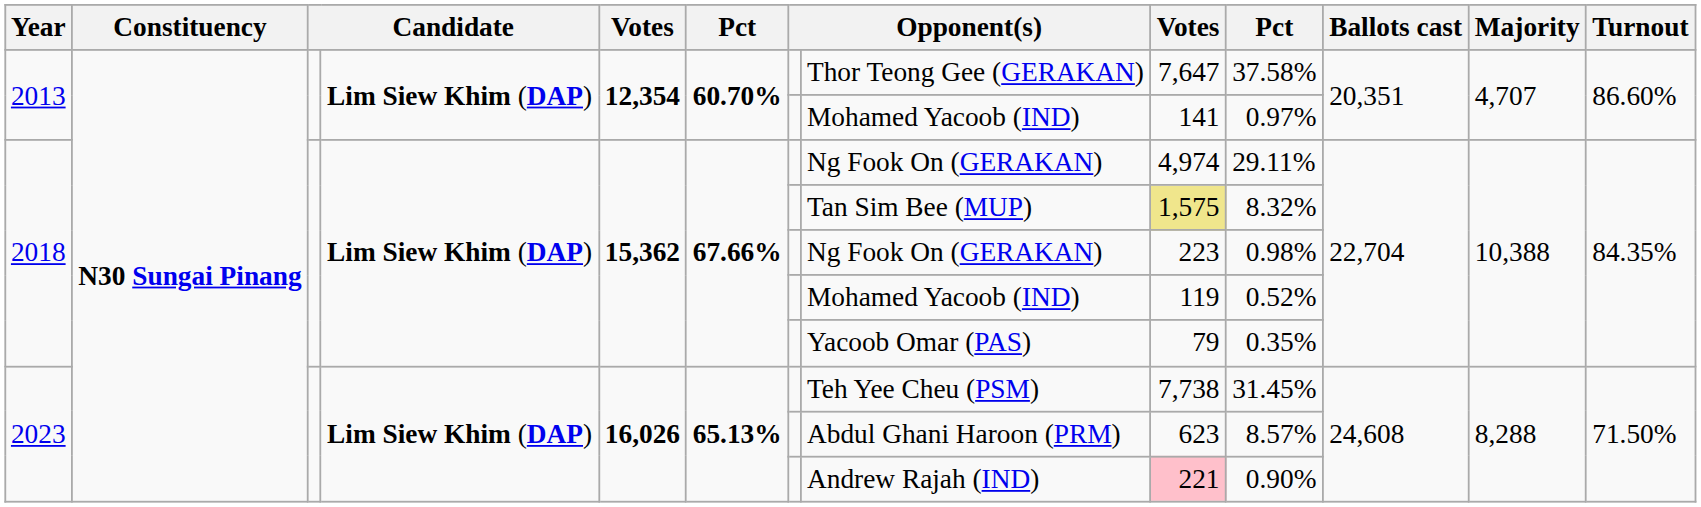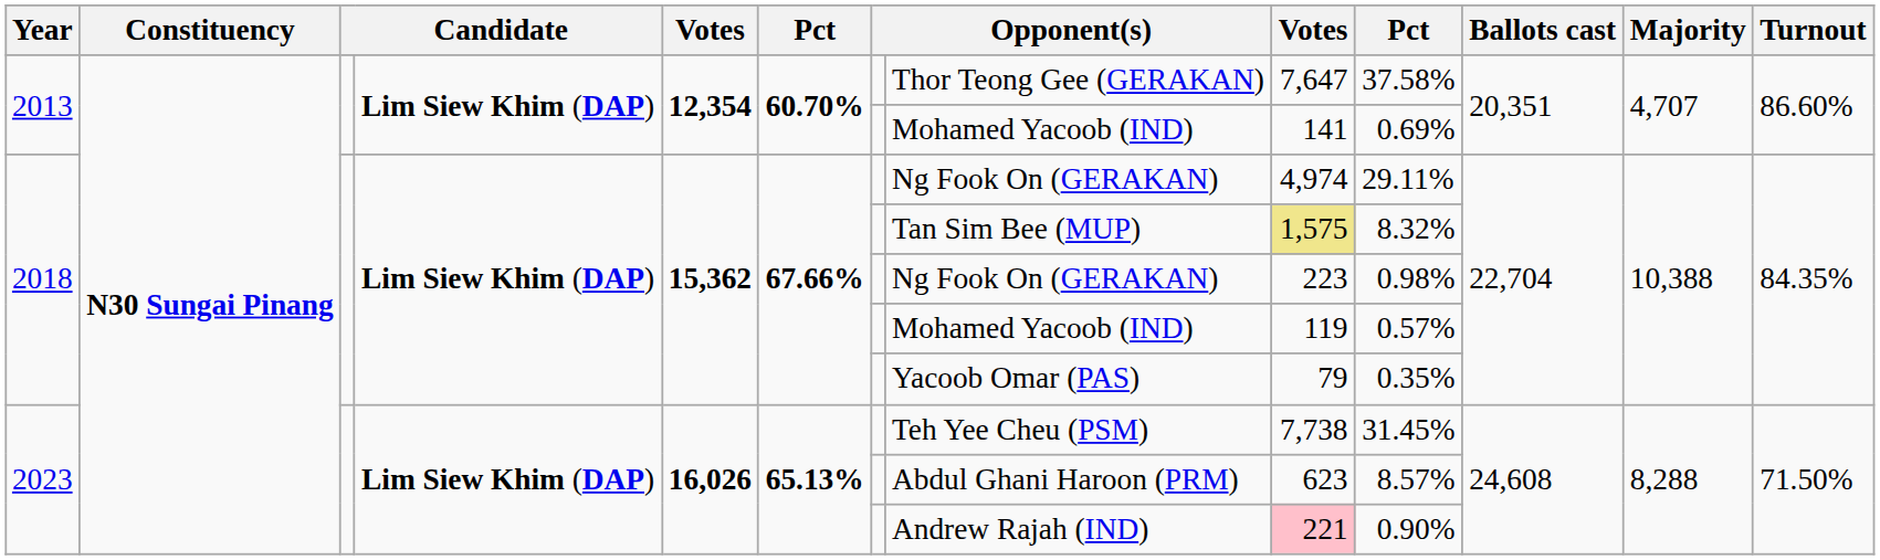 <table class="wikitable" style="margin:0.5em ; font-size:95%">
 <tr>
 <th>Year</th>
 <th>Constituency</th>
 <th colspan="2">Candidate</th>
 <th>Votes</th>
 <th>Pct</th>
 <th colspan="2">Opponent(s)</th>
 <th>Votes</th>
 <th>Pct</th>
 <th>Ballots cast</th>
 <th>Majority</th>
 <th>Turnout</th>
 </tr>
 <tr>
 <td rowspan="2"><a href='#'>2013</a></td>
 <td rowspan="10"><strong>N30 <a href='#'>Sungai Pinang</a></strong></td>
 <td rowspan="2" ></td>
 <td rowspan="2"><strong>Lim Siew Khim</strong> (<a href='#'><strong>DAP</strong></a>)</td>
 <td rowspan="2" align=right><strong>12,354</strong></td>
 <td rowspan="2"><strong>60.70%</strong></td>
 <td></td>
 <td>Thor Teong Gee (<a href='#'>GERAKAN</a>)</td>
 <td align=right>7,647</td>
 <td>37.58%</td>
 <td rowspan="2">20,351</td>
 <td rowspan="2">4,707</td>
 <td rowspan="2">86.60%</td>
 </tr>
 <tr>
 <td></td>
 <td>Mohamed Yacoob (<a href='#'>IND</a>)</td>
 <td align=right>141</td>
-<td align=right>0.97%</td>
+<td align=right>0.69%</td>
 </tr>
 <tr>
 <td rowspan="5"><a href='#'>2018</a></td>
 <td rowspan="5" ></td>
 <td rowspan="5"><strong>Lim Siew Khim</strong> (<a href='#'><strong>DAP</strong></a>)</td>
 <td rowspan="5" align=right><strong>15,362</strong></td>
 <td rowspan="5"><strong>67.66%</strong></td>
 <td></td>
 <td>Ng Fook On (<a href='#'>GERAKAN</a>)</td>
 <td align=right>4,974</td>
 <td>29.11%</td>
 <td rowspan="5">22,704</td>
 <td rowspan="5">10,388</td>
 <td rowspan="5">84.35%</td>
 </tr>
 <tr>
 <td></td>
 <td>Tan Sim Bee (<a href='#'>MUP</a>)</td>
 <td align=right style="background: khaki;">1,575</td>
 <td align=right>8.32%</td>
 </tr>
 <tr>
 <td bgcolor = ></td>
 <td>Ng Fook On (<a href='#'>GERAKAN</a>)</td>
 <td align=right>223</td>
 <td align=right>0.98%</td>
 </tr>
 <tr>
 <td></td>
 <td>Mohamed Yacoob (<a href='#'>IND</a>)</td>
 <td align=right>119</td>
-<td align=right>0.52%</td>
+<td align=right>0.57%</td>
 </tr>
 <tr>
 <td bgcolor = ></td>
 <td>Yacoob Omar (<a href='#'>PAS</a>)</td>
 <td align=right>79</td>
 <td align=right>0.35%</td>
 </tr>
 <tr>
 <td rowspan=3><a href='#'>2023</a></td>
 <td rowspan=3 ></td>
 <td rowspan=3><strong>Lim Siew Khim</strong> (<a href='#'><strong>DAP</strong></a>)</td>
 <td rowspan=3 align=right><strong>16,026</strong></td>
 <td rowspan=3><strong>65.13%</strong></td>
 <td></td>
 <td>Teh Yee Cheu (<a href='#'>PSM</a>)</td>
 <td align=right>7,738</td>
 <td>31.45%</td>
 <td rowspan=3>24,608</td>
 <td rowspan=3>8,288</td>
 <td rowspan=3>71.50%</td>
 </tr>
 <tr>
 <td></td>
 <td>Abdul Ghani Haroon (<a href='#'>PRM</a>)</td>
 <td align=right>623</td>
 <td align=right>8.57%</td>
 </tr>
 <tr>
 <td></td>
 <td>Andrew Rajah (<a href='#'>IND</a>)</td>
 <td align=right style="background: pink;">221</td>
 <td align=right>0.90%</td>
 </tr>
 </table>
